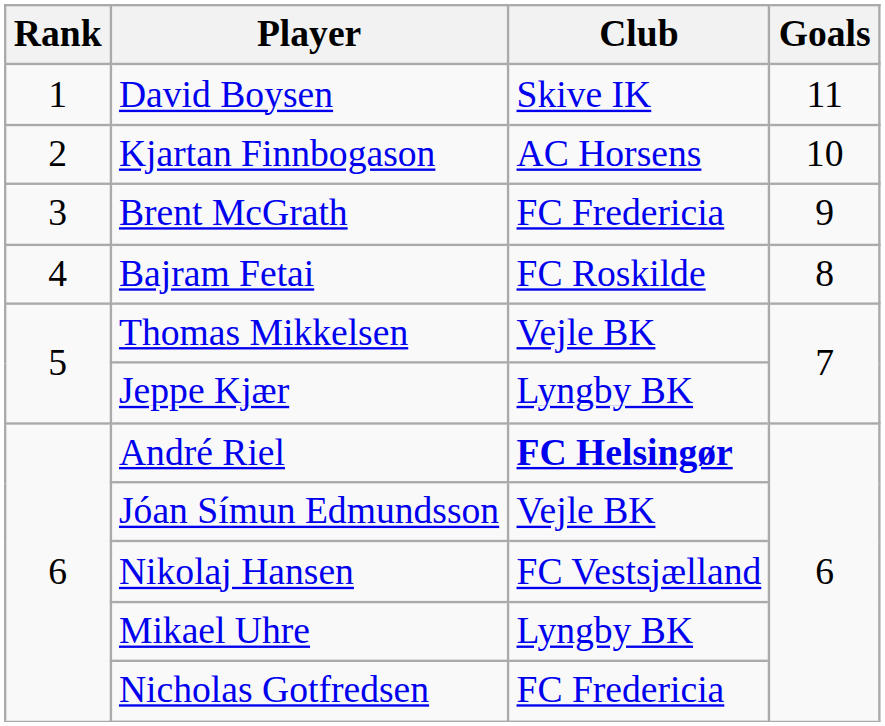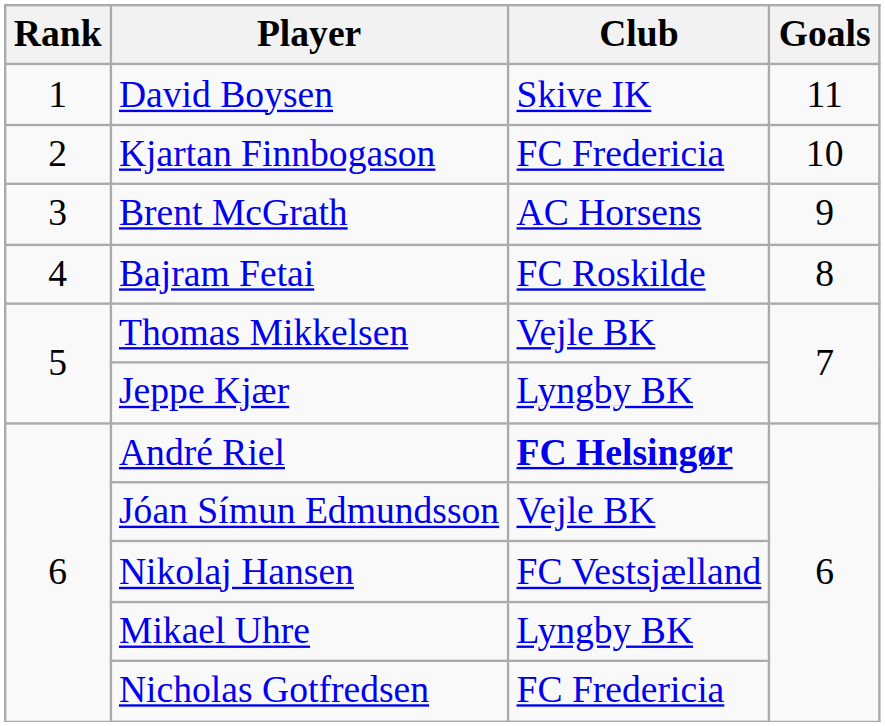 <table class="wikitable" style="text-align:center">
 <tr>
 <th>Rank</th>
 <th>Player</th>
 <th>Club</th>
 <th>Goals</th>
 </tr>
 <tr>
 <td>1</td>
 <td align="left"> <a href='#'>David Boysen</a></td>
 <td align="left"><a href='#'>Skive IK</a></td>
 <td>11</td>
 </tr>
 <tr>
 <td>2</td>
 <td align="left"> <a href='#'>Kjartan Finnbogason</a></td>
-<td align="left"><a href='#'>AC Horsens</a></td>
+<td align="left"><a href='#'>FC Fredericia</a></td>
 <td>10</td>
 </tr>
 <tr>
 <td>3</td>
 <td align="left"> <a href='#'>Brent McGrath</a></td>
-<td align="left"><a href='#'>FC Fredericia</a></td>
+<td align="left"><a href='#'>AC Horsens</a></td>
 <td>9</td>
 </tr>
 <tr>
 <td>4</td>
 <td align="left"> <a href='#'>Bajram Fetai</a></td>
 <td align="left"><a href='#'>FC Roskilde</a></td>
 <td>8</td>
 </tr>
 <tr>
 <td rowspan="2">5</td>
 <td align="left"> <a href='#'>Thomas Mikkelsen</a></td>
 <td align="left"><a href='#'>Vejle BK</a></td>
 <td rowspan="2">7</td>
 </tr>
 <tr>
 <td align="left"> <a href='#'>Jeppe Kjær</a></td>
 <td align="left"><a href='#'>Lyngby BK</a></td>
 </tr>
 <tr>
 <td rowspan="6">6</td>
 <td align="left"> <a href='#'>André Riel</a></td>
 <td align="left"><strong><a href='#'>FC Helsingør</a></strong></td>
 <td rowspan="6">6</td>
 </tr>
 <tr>
 <td align="left"> <a href='#'>Jóan Símun Edmundsson</a></td>
 <td align="left"><a href='#'>Vejle BK</a></td>
 </tr>
 <tr>
 <td align="left"> <a href='#'>Nikolaj Hansen</a></td>
 <td align="left"><a href='#'>FC Vestsjælland</a></td>
 </tr>
 <tr>
 <td align="left"> <a href='#'>Mikael Uhre</a></td>
 <td align="left"><a href='#'>Lyngby BK</a></td>
 </tr>
 <tr>
 <td align="left"> <a href='#'>Nicholas Gotfredsen</a></td>
 <td align="left"><a href='#'>FC Fredericia</a></td>
 </tr>
 <tr>
 </tr>
 </table>
